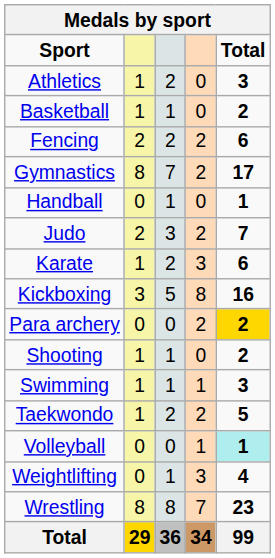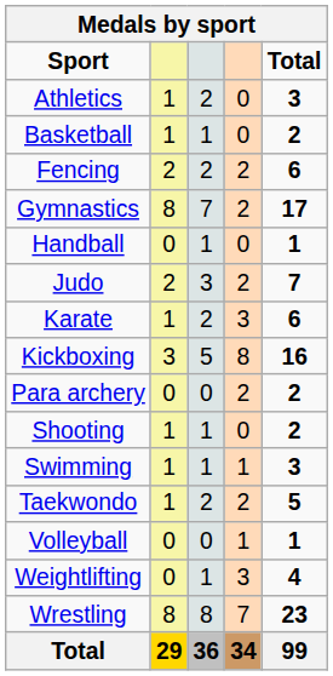 <table class="wikitable" style="font-size:85%">
 <tr style="background:#efefef;">
 <th colspan=7>Medals by sport</th>
 </tr>
 <tr align=center>
 <td><strong>Sport</strong></td>
 <td bgcolor=#f7f6a8></td>
 <td bgcolor=#dce5e5></td>
 <td bgcolor=#ffdab9></td>
 <td><strong>Total</strong></td>
 </tr>
 <tr align=center>
 <td><a href='#'>Athletics</a></td>
 <td style="background:#F7F6A8;">1</td>
 <td style="background:#DCE5E5;">2</td>
 <td style="background:#FFDAB9;">0</td>
 <td><strong>3</strong></td>
 </tr>
 <tr align=center>
 <td><a href='#'>Basketball</a></td>
 <td style="background:#F7F6A8;">1</td>
 <td style="background:#DCE5E5;">1</td>
 <td style="background:#FFDAB9;">0</td>
 <td><strong>2</strong></td>
 </tr>
 <tr align=center>
 <td><a href='#'>Fencing</a></td>
 <td style="background:#F7F6A8;">2</td>
 <td style="background:#DCE5E5;">2</td>
 <td style="background:#FFDAB9;">2</td>
 <td><strong>6</strong></td>
 </tr>
 <tr align=center>
 <td><a href='#'>Gymnastics</a></td>
 <td style="background:#F7F6A8;">8</td>
 <td style="background:#DCE5E5;">7</td>
 <td style="background:#FFDAB9;">2</td>
 <td><strong>17</strong></td>
 </tr>
 <tr align=center>
 <td><a href='#'>Handball</a></td>
 <td style="background:#F7F6A8;">0</td>
 <td style="background:#DCE5E5;">1</td>
 <td style="background:#FFDAB9;">0</td>
 <td><strong>1</strong></td>
 </tr>
 <tr align=center>
 <td><a href='#'>Judo</a></td>
 <td style="background:#F7F6A8;">2</td>
 <td style="background:#DCE5E5;">3</td>
 <td style="background:#FFDAB9;">2</td>
 <td><strong>7</strong></td>
 </tr>
 <tr align=center>
 <td><a href='#'>Karate</a></td>
 <td style="background:#F7F6A8;">1</td>
 <td style="background:#DCE5E5;">2</td>
 <td style="background:#FFDAB9;">3</td>
 <td><strong>6</strong></td>
 </tr>
 <tr align=center>
 <td><a href='#'>Kickboxing</a></td>
 <td style="background:#F7F6A8;">3</td>
 <td style="background:#DCE5E5;">5</td>
 <td style="background:#FFDAB9;">8</td>
 <td><strong>16</strong></td>
 </tr>
 <tr align=center>
 <td><a href='#'>Para archery</a></td>
 <td style="background:#F7F6A8;">0</td>
 <td style="background:#DCE5E5;">0</td>
 <td style="background:#FFDAB9;">2</td>
-<td style="background: gold;"><strong>2</strong></td>
+<td><strong>2</strong></td>
 </tr>
 <tr align=center>
 <td><a href='#'>Shooting</a></td>
 <td style="background:#F7F6A8;">1</td>
 <td style="background:#DCE5E5;">1</td>
 <td style="background:#FFDAB9;">0</td>
 <td><strong>2</strong></td>
 </tr>
 <tr align=center>
 <td><a href='#'>Swimming</a></td>
 <td style="background:#F7F6A8;">1</td>
 <td style="background:#DCE5E5;">1</td>
 <td style="background:#FFDAB9;">1</td>
 <td><strong>3</strong></td>
 </tr>
 <tr align=center>
 <td><a href='#'>Taekwondo</a></td>
 <td style="background:#F7F6A8;">1</td>
 <td style="background:#DCE5E5;">2</td>
 <td style="background:#FFDAB9;">2</td>
 <td><strong>5</strong></td>
 </tr>
 <tr align=center>
 <td><a href='#'>Volleyball</a></td>
 <td style="background:#F7F6A8;">0</td>
 <td style="background:#DCE5E5;">0</td>
 <td style="background:#FFDAB9;">1</td>
-<td style="background: paleturquoise;"><strong>1</strong></td>
+<td><strong>1</strong></td>
 </tr>
 <tr align=center>
 <td><a href='#'>Weightlifting</a></td>
 <td style="background:#F7F6A8;">0</td>
 <td style="background:#DCE5E5;">1</td>
 <td style="background:#FFDAB9;">3</td>
 <td><strong>4</strong></td>
 </tr>
 <tr align=center>
 <td><a href='#'>Wrestling</a></td>
 <td style="background:#F7F6A8;">8</td>
 <td style="background:#DCE5E5;">8</td>
 <td style="background:#FFDAB9;">7</td>
 <td><strong>23</strong></td>
 </tr>
 <tr align=center>
 <th>Total</th>
 <th style="background:gold;">29</th>
 <th style="background:silver;">36</th>
 <th style="background:#c96;">34</th>
 <th>99</th>
 </tr>
 </table>
